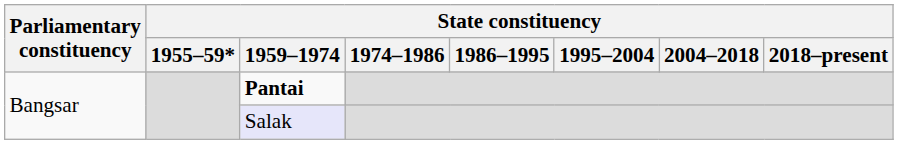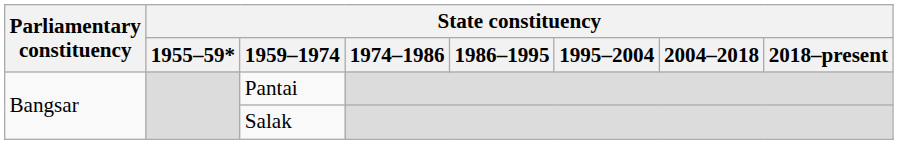 <table class="wikitable">
 <tr>
 <th rowspan="2">Parliamentary<br>constituency</th>
 <th colspan="7">State constituency</th>
 </tr>
 <tr>
 <th>1955–59*</th>
 <th>1959–1974</th>
 <th>1974–1986</th>
 <th>1986–1995</th>
 <th>1995–2004</th>
 <th>2004–2018</th>
 <th>2018–present</th>
 </tr>
 <tr>
 <td rowspan="2">Bangsar</td>
 <td rowspan="2" bgcolor="dcdcdc"></td>
-<td><strong>Pantai</strong></td>
+<td>Pantai</td>
 <td colspan="5" bgcolor="dcdcdc"></td>
 </tr>
 <tr>
-<td style="background: lavender;">Salak</td>
+<td>Salak</td>
 <td colspan="5" bgcolor="dcdcdc"></td>
 </tr>
 </table>
